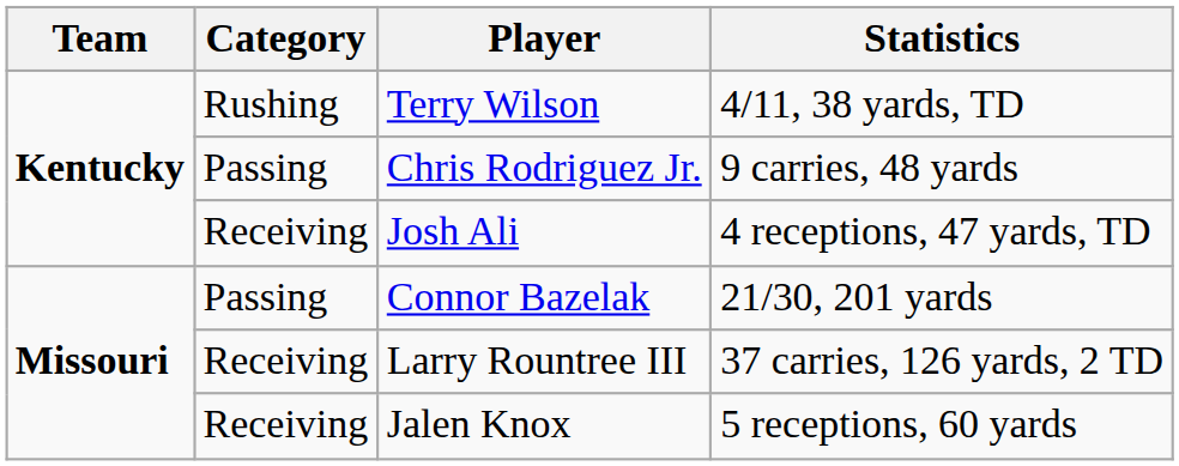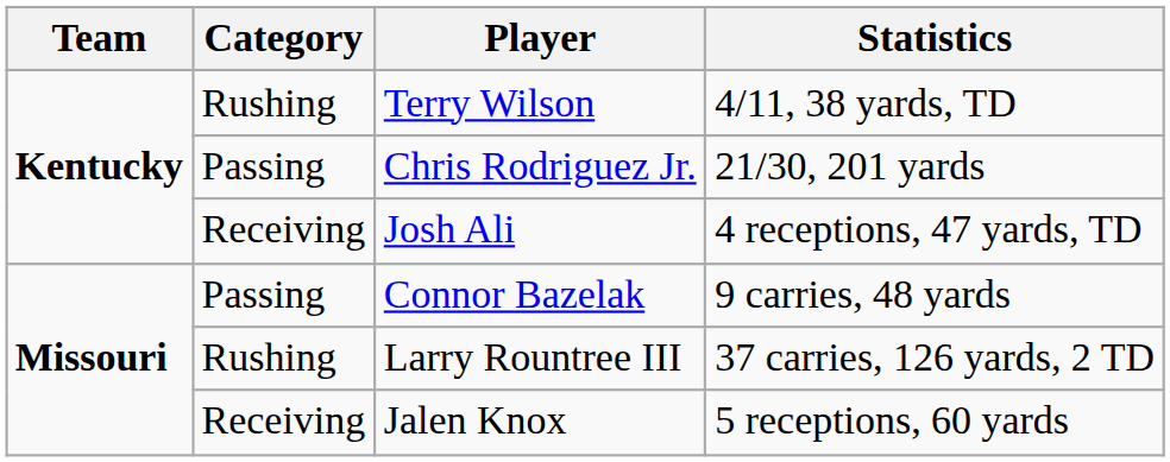 <table class="wikitable" style="float: right;">
 <tr>
 <th>Team</th>
 <th>Category</th>
 <th>Player</th>
 <th>Statistics</th>
 </tr>
 <tr>
 <td rowspan=3><strong>Kentucky</strong></td>
 <td>Rushing</td>
 <td><a href='#'>Terry Wilson</a></td>
 <td>4/11, 38 yards, TD</td>
 </tr>
 <tr>
 <td>Passing</td>
 <td><a href='#'>Chris Rodriguez Jr.</a></td>
-<td>9 carries, 48 yards</td>
+<td>21/30, 201 yards</td>
 </tr>
 <tr>
 <td>Receiving</td>
 <td><a href='#'>Josh Ali</a></td>
 <td>4 receptions, 47 yards, TD</td>
 </tr>
 <tr>
 <td rowspan=3><strong>Missouri</strong></td>
 <td>Passing</td>
 <td><a href='#'>Connor Bazelak</a></td>
-<td>21/30, 201 yards</td>
+<td>9 carries, 48 yards</td>
 </tr>
 <tr>
-<td>Receiving</td>
+<td>Rushing</td>
 <td>Larry Rountree III</td>
 <td>37 carries, 126 yards, 2 TD</td>
 </tr>
 <tr>
 <td>Receiving</td>
 <td>Jalen Knox</td>
 <td>5 receptions, 60 yards</td>
 </tr>
 </table>
